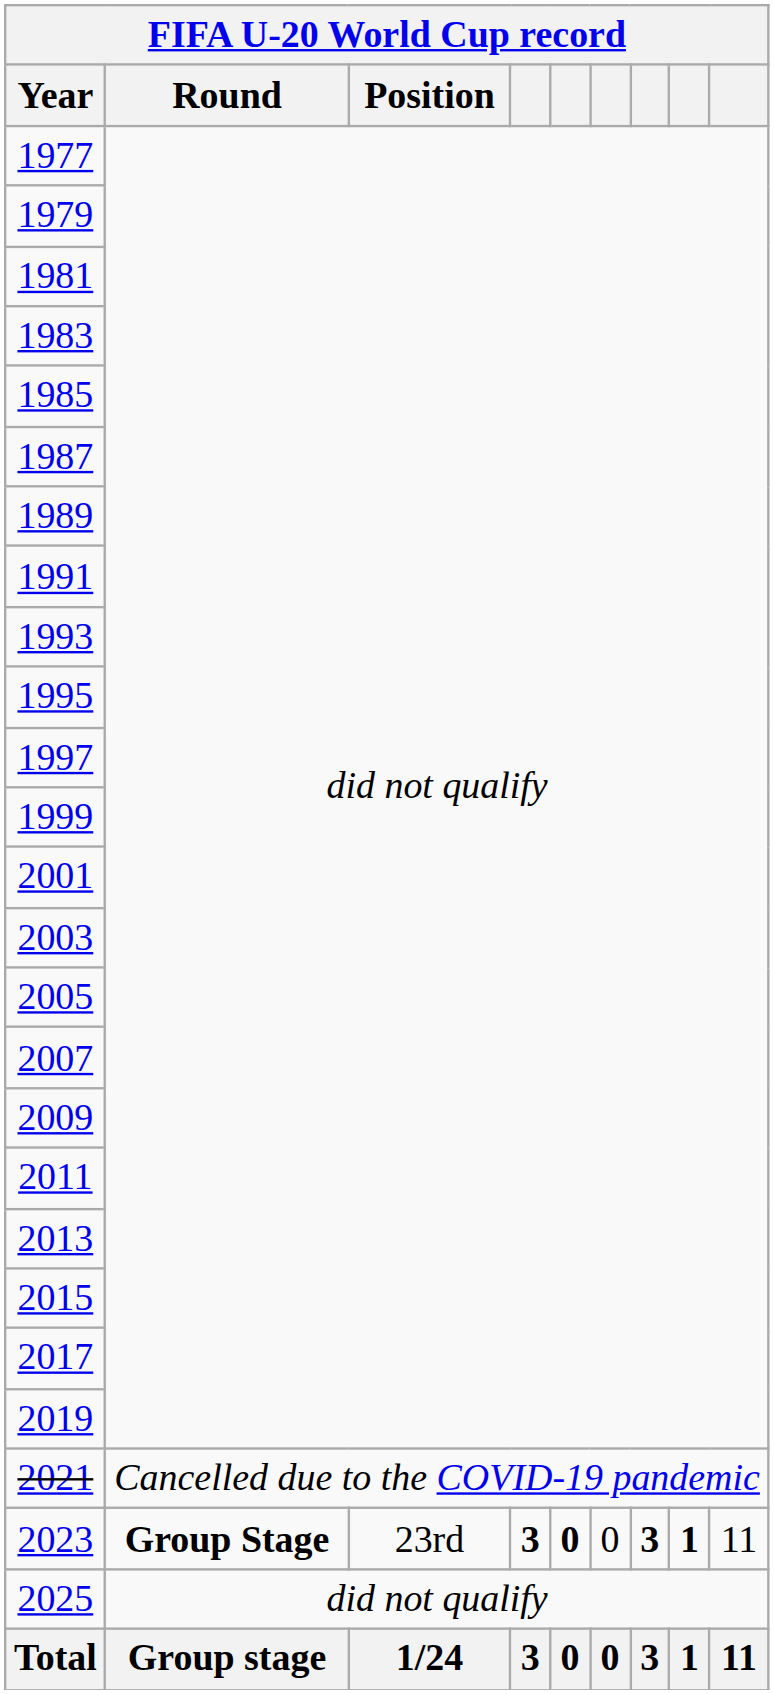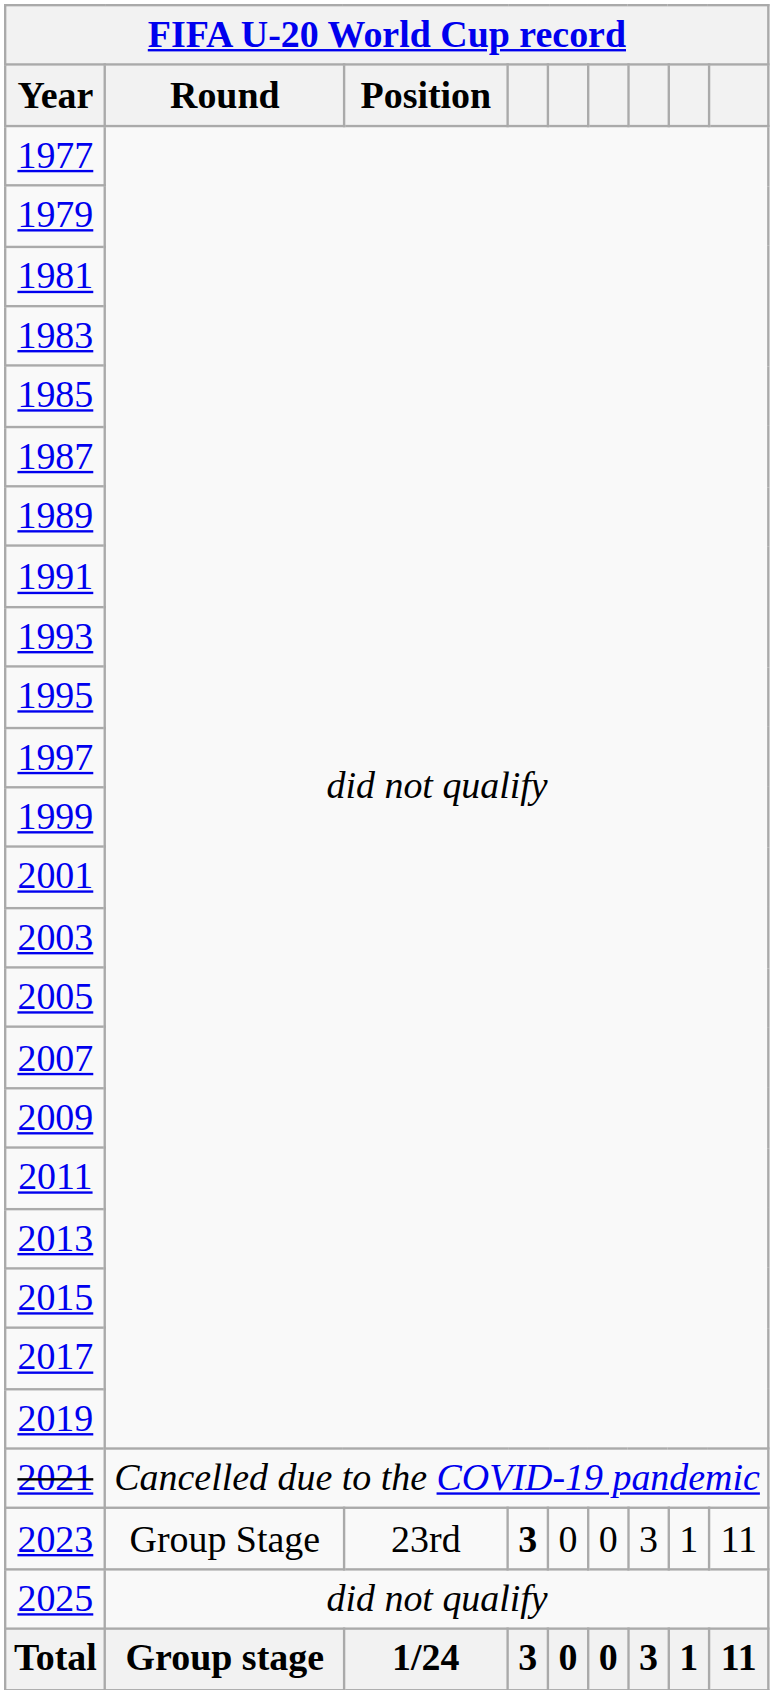 <table class="wikitable" style="text-align: center;">
 <tr>
 <th colspan=9><a href='#'>FIFA U-20 World Cup record</a></th>
 </tr>
 <tr>
 <th>Year</th>
 <th>Round</th>
 <th>Position</th>
 <th></th>
 <th></th>
 <th></th>
 <th></th>
 <th></th>
 <th></th>
 </tr>
 <tr>
 <td> <a href='#'>1977</a></td>
 <td colspan="8" rowspan="22"><em>did not qualify</em></td>
 </tr>
 <tr>
 <td> <a href='#'>1979</a></td>
 </tr>
 <tr>
 <td> <a href='#'>1981</a></td>
 </tr>
 <tr>
 <td> <a href='#'>1983</a></td>
 </tr>
 <tr>
 <td> <a href='#'>1985</a></td>
 </tr>
 <tr>
 <td> <a href='#'>1987</a></td>
 </tr>
 <tr>
 <td> <a href='#'>1989</a></td>
 </tr>
 <tr>
 <td> <a href='#'>1991</a></td>
 </tr>
 <tr>
 <td> <a href='#'>1993</a></td>
 </tr>
 <tr>
 <td> <a href='#'>1995</a></td>
 </tr>
 <tr>
 <td> <a href='#'>1997</a></td>
 </tr>
 <tr>
 <td> <a href='#'>1999</a></td>
 </tr>
 <tr>
 <td> <a href='#'>2001</a></td>
 </tr>
 <tr>
 <td> <a href='#'>2003</a></td>
 </tr>
 <tr>
 <td> <a href='#'>2005</a></td>
 </tr>
 <tr>
 <td> <a href='#'>2007</a></td>
 </tr>
 <tr>
 <td> <a href='#'>2009</a></td>
 </tr>
 <tr>
 <td> <a href='#'>2011</a></td>
 </tr>
 <tr>
 <td> <a href='#'>2013</a></td>
 </tr>
 <tr>
 <td> <a href='#'>2015</a></td>
 </tr>
 <tr>
 <td> <a href='#'>2017</a></td>
 </tr>
 <tr>
 <td> <a href='#'>2019</a></td>
 </tr>
 <tr>
 <td> <s><a href='#'>2021</a></s></td>
 <td colspan="8"><em>Cancelled due to the <a href='#'>COVID-19 pandemic</a></em></td>
 </tr>
 <tr>
 <td> <a href='#'>2023</a></td>
-<td><strong>Group Stage</strong></td>
+<td>Group Stage</td>
 <td>23rd</td>
 <td><strong>3</strong></td>
-<td><strong>0</strong></td>
 <td>0</td>
-<td><strong>3</strong></td>
-<td><strong>1</strong></td>
+<td>0</td>
+<td>3</td>
+<td>1</td>
 <td>11</td>
 </tr>
 <tr>
 <td> <a href='#'>2025</a></td>
 <td colspan="8"><em>did not qualify</em></td>
 </tr>
 <tr>
 <th><strong>Total</strong></th>
 <th>Group stage</th>
 <th>1/24</th>
 <th>3</th>
 <th>0</th>
 <th>0</th>
 <th>3</th>
 <th>1</th>
 <th>11</th>
 </tr>
 </table>
